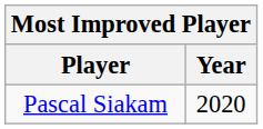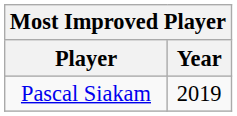 <table class="wikitable" style="text-align:center">
 <tr>
 <th colspan="2">Most Improved Player</th>
 </tr>
 <tr>
 <th>Player</th>
 <th>Year</th>
 </tr>
 <tr>
 <td><a href='#'>Pascal Siakam</a></td>
-<td>2020</td>
+<td>2019</td>
 </tr>
 </table>
